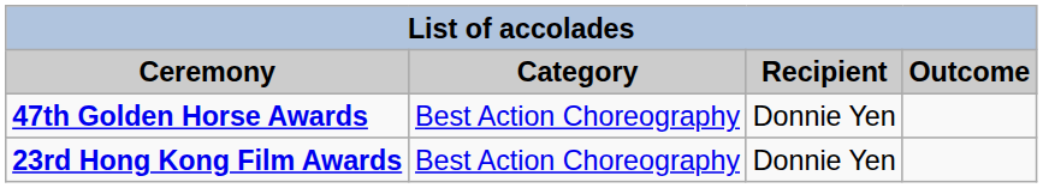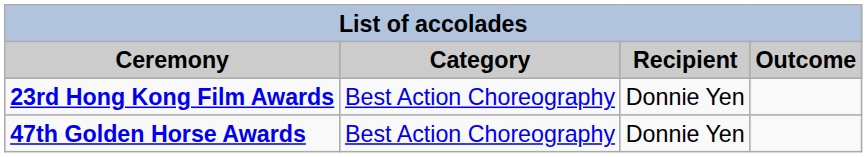 <table class="wikitable" style="font-size:95%;" ;>
 <tr style="background:#ccc; text-align:center;">
 <th colspan="4" style="background: LightSteelBlue;">List of accolades</th>
 </tr>
 <tr style="background:#ccc; text-align:center;">
 <th style="background:#ccc">Ceremony</th>
 <th style="background:#ccc">Category</th>
 <th style="background:#ccc">Recipient</th>
 <th style="background:#ccc">Outcome</th>
 </tr>
 <tr>
+<td><strong><a href='#'>23rd Hong Kong Film Awards</a></strong></td>
+<td><a href='#'>Best Action Choreography</a></td>
+<td>Donnie Yen</td>
+<td></td>
+</tr>
+<tr>
 <td><strong><a href='#'>47th Golden Horse Awards</a></strong></td>
 <td><a href='#'>Best Action Choreography</a></td>
 <td>Donnie Yen</td>
 <td></td>
 </tr>
-<tr>
-<td><strong><a href='#'>23rd Hong Kong Film Awards</a></strong></td>
-<td><a href='#'>Best Action Choreography</a></td>
-<td>Donnie Yen</td>
-<td></td>
-</tr>
 </table>
